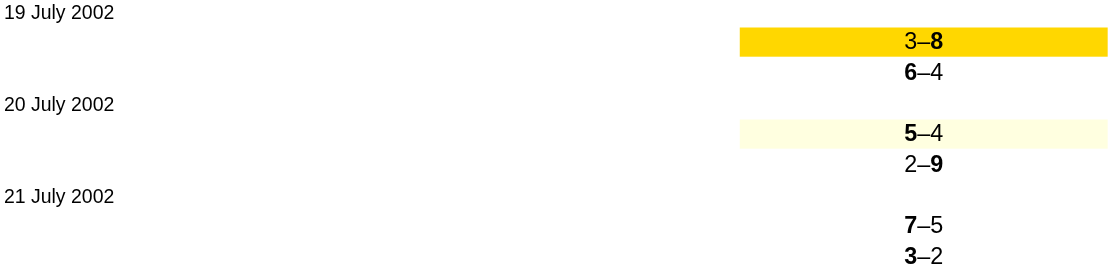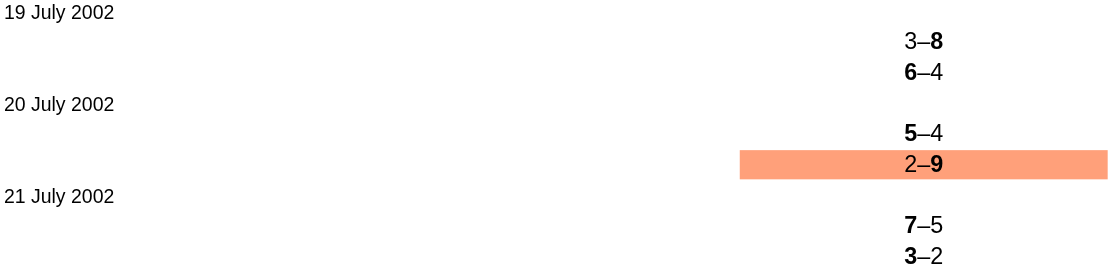 <table width=100% cellspacing=1>
 <tr>
 <th width=40%></th>
 <th width=20%></th>
 <th></th>
 </tr>
 <tr>
 <td><small>19 July 2002</small></td>
 </tr>
 <tr>
 <td align=right></td>
-<td align=center style="background: gold;">3–<strong>8</strong></td>
+<td align=center>3–<strong>8</strong></td>
 <td><strong></strong></td>
 </tr>
 <tr>
 <td align=right><strong></strong></td>
 <td align=center><strong>6</strong>–4</td>
 <td></td>
 </tr>
 <tr>
 <td><small>20 July 2002</small></td>
 </tr>
 <tr>
 <td align=right><strong></strong></td>
-<td align=center style="background: lightyellow;"><strong>5</strong>–4 </td>
+<td align=center><strong>5</strong>–4 </td>
 <td></td>
 </tr>
 <tr>
 <td align=right></td>
-<td align=center>2–<strong>9</strong></td>
+<td align=center style="background: lightsalmon;">2–<strong>9</strong></td>
 <td><strong></strong></td>
 </tr>
 <tr>
 <td><small>21 July 2002</small></td>
 </tr>
 <tr>
 <td align=right><strong></strong></td>
 <td align=center><strong>7</strong>–5</td>
 <td></td>
 </tr>
 <tr>
 <td align=right><strong></strong></td>
 <td align=center><strong>3</strong>–2</td>
 <td></td>
 </tr>
 </table>
